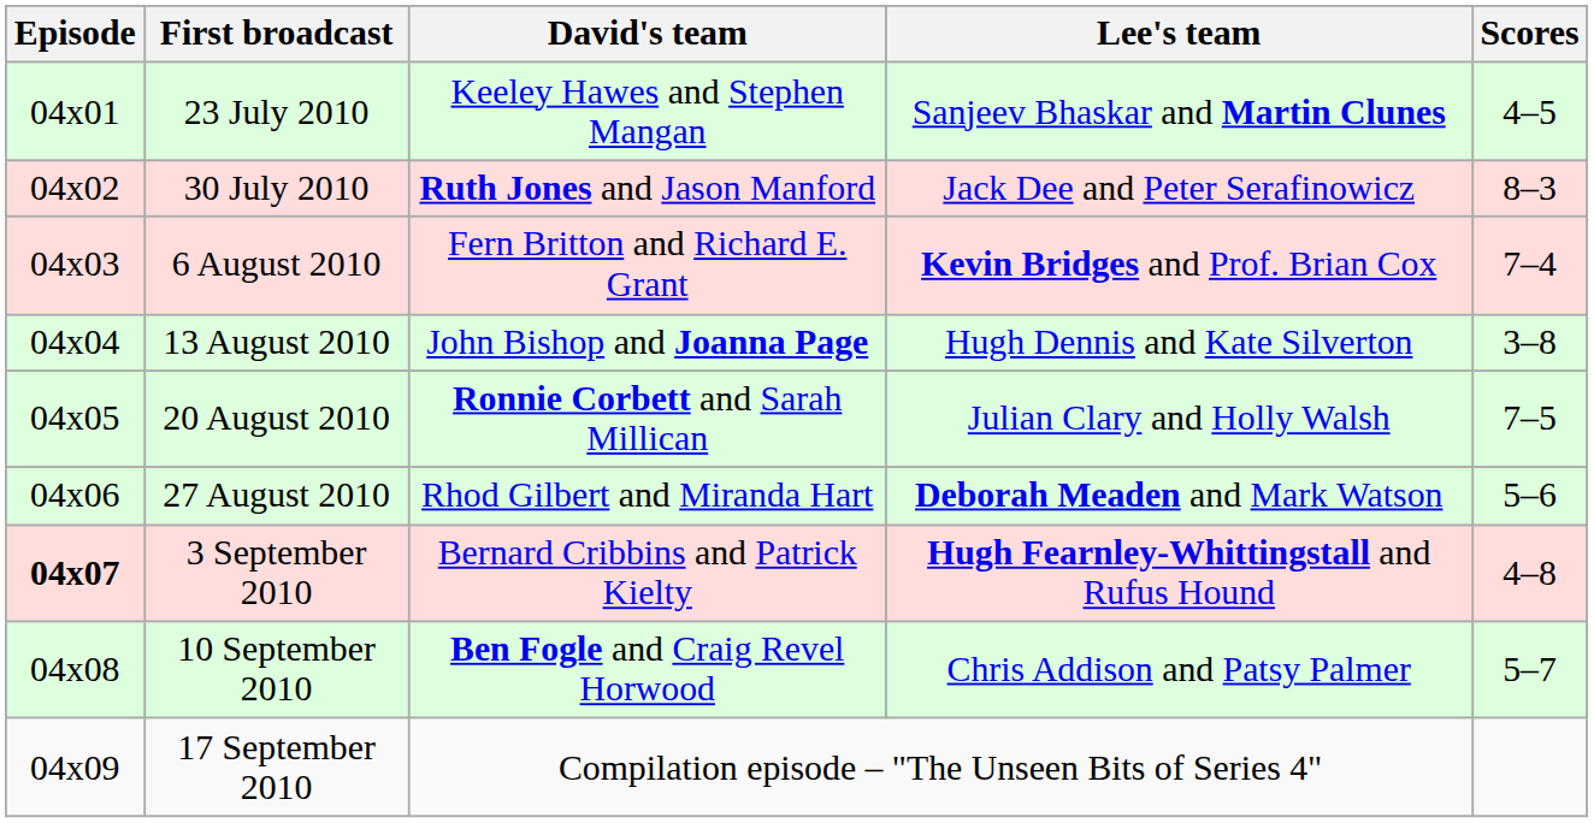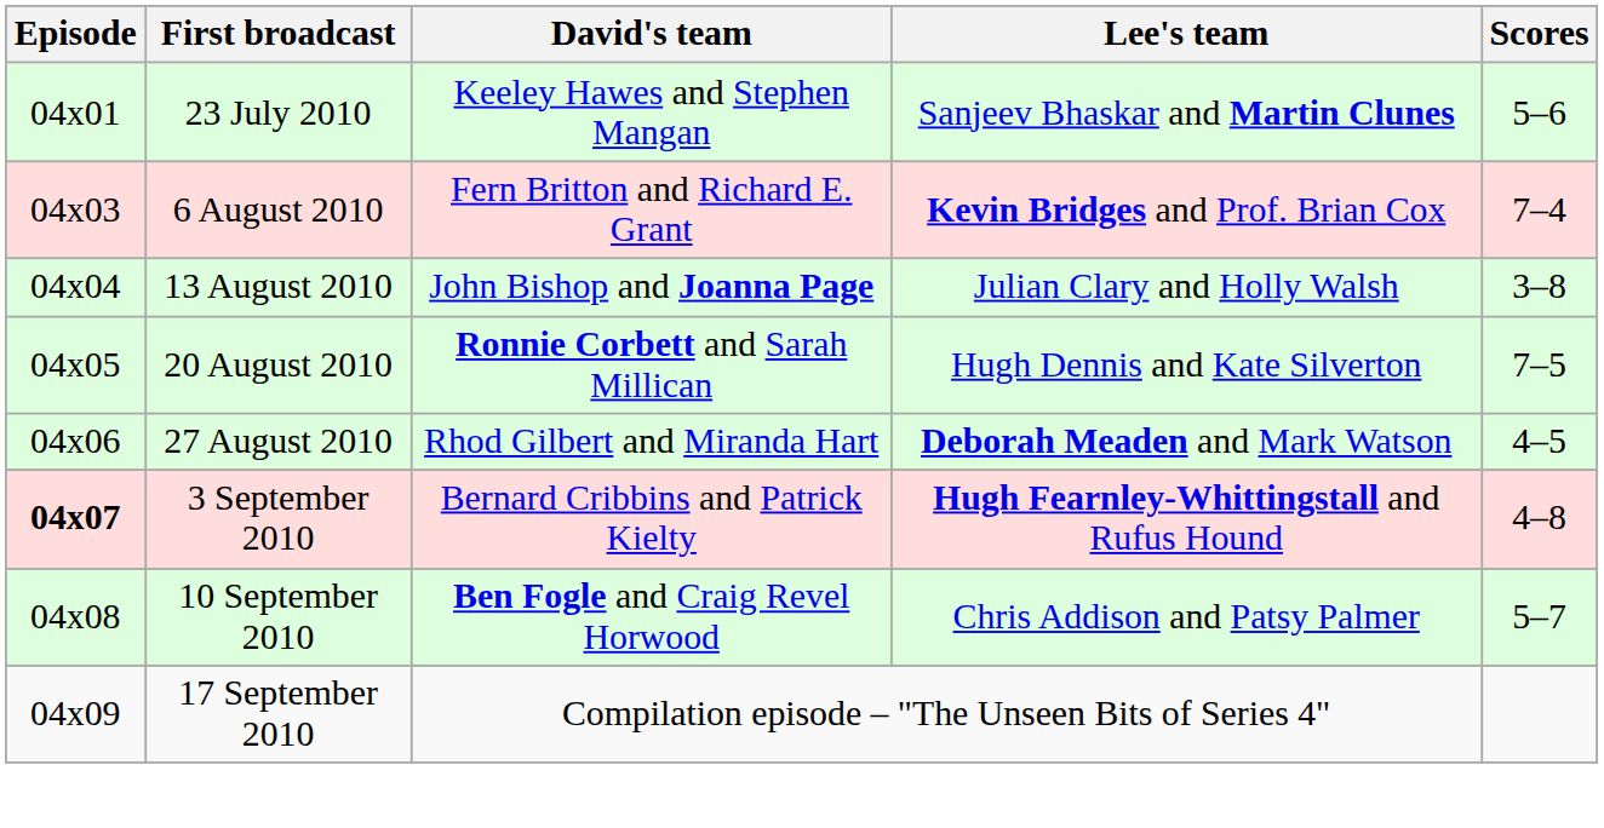 <table class="wikitable"  style="width:80%; left:0 auto; text-align:center;">
 <tr>
 <th style="width:8%;">Episode</th>
 <th style="width:17%;">First broadcast</th>
 <th style="width:31%;">David's team</th>
 <th style="width:38%;">Lee's team</th>
 <th style="width:6%;">Scores</th>
 </tr>
 <tr style="background:#dfd;">
 <td>04x01</td>
 <td>23 July 2010</td>
 <td><a href='#'>Keeley Hawes</a> and <a href='#'>Stephen Mangan</a></td>
 <td><a href='#'>Sanjeev Bhaskar</a> and <strong><a href='#'>Martin Clunes</a></strong></td>
-<td>4–5</td>
-</tr>
-<tr style="background:#fdd;">
-<td>04x02</td>
-<td>30 July 2010</td>
-<td><strong><a href='#'>Ruth Jones</a></strong> and <a href='#'>Jason Manford</a></td>
-<td><a href='#'>Jack Dee</a> and <a href='#'>Peter Serafinowicz</a></td>
-<td>8–3</td>
+<td>5–6</td>
 </tr>
 <tr style="background:#fdd;">
 <td>04x03</td>
 <td>6 August 2010</td>
 <td><a href='#'>Fern Britton</a> and <a href='#'>Richard E. Grant</a></td>
 <td><strong><a href='#'>Kevin Bridges</a></strong> and <a href='#'>Prof. Brian Cox</a></td>
 <td>7–4</td>
 </tr>
 <tr style="background:#dfd;">
 <td>04x04</td>
 <td>13 August 2010</td>
 <td><a href='#'>John Bishop</a> and <strong><a href='#'>Joanna Page</a></strong></td>
-<td><a href='#'>Hugh Dennis</a> and <a href='#'>Kate Silverton</a></td>
+<td><a href='#'>Julian Clary</a> and <a href='#'>Holly Walsh</a></td>
 <td>3–8</td>
 </tr>
 <tr style="background:#dfd;">
 <td>04x05</td>
 <td>20 August 2010</td>
 <td><strong><a href='#'>Ronnie Corbett</a></strong> and <a href='#'>Sarah Millican</a></td>
-<td><a href='#'>Julian Clary</a> and <a href='#'>Holly Walsh</a></td>
+<td><a href='#'>Hugh Dennis</a> and <a href='#'>Kate Silverton</a></td>
 <td>7–5</td>
 </tr>
 <tr style="background:#dfd;">
 <td>04x06</td>
 <td>27 August 2010</td>
 <td><a href='#'>Rhod Gilbert</a> and <a href='#'>Miranda Hart</a></td>
 <td><strong><a href='#'>Deborah Meaden</a></strong> and <a href='#'>Mark Watson</a></td>
-<td>5–6</td>
+<td>4–5</td>
 </tr>
 <tr style="background:#fdd;">
 <td><strong>04x07</strong></td>
 <td>3 September 2010</td>
 <td><a href='#'>Bernard Cribbins</a> and <a href='#'>Patrick Kielty</a></td>
 <td><strong><a href='#'>Hugh Fearnley-Whittingstall</a></strong> and <a href='#'>Rufus Hound</a></td>
 <td>4–8</td>
 </tr>
 <tr style="background:#dfd;">
 <td>04x08</td>
 <td>10 September 2010</td>
 <td><strong><a href='#'>Ben Fogle</a></strong> and <a href='#'>Craig Revel Horwood</a></td>
 <td><a href='#'>Chris Addison</a> and <a href='#'>Patsy Palmer</a></td>
 <td>5–7</td>
 </tr>
 <tr>
 <td>04x09</td>
 <td>17 September 2010</td>
 <td colspan="2">Compilation episode – "The Unseen Bits of Series 4"</td>
 <td></td>
 </tr>
 </table>
